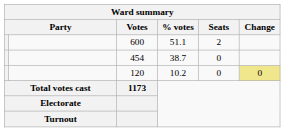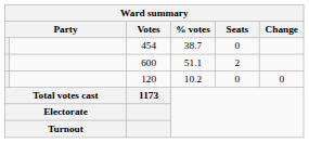 <table class="wikitable" style="font-size: 95%;">
 <tr>
 <th colspan="6">Ward summary</th>
 </tr>
 <tr>
 <th colspan="2">Party</th>
 <th style="width: 60px">Votes</th>
 <th style="width: 60px">% votes</th>
 <th style="width: 60px">Seats</th>
 <th style="width: 60px">Change</th>
 </tr>
 <tr>
 <th style="background-color: "></th>
 <td style="width: 170px"><a href='#'></a></td>
+<td align="center">454</td>
+<td align="center">38.7</td>
+<td align="center">0</td>
+<td align="center"></td>
+</tr>
+<tr>
+<th style="background-color: "></th>
+<td style="width: 170px"><a href='#'></a></td>
 <td align="center">600</td>
 <td align="center">51.1</td>
 <td align="center">2</td>
 <td align="center"></td>
 </tr>
 <tr>
 <th style="background-color: "></th>
 <td style="width: 170px"><a href='#'></a></td>
-<td align="center">454</td>
-<td align="center">38.7</td>
-<td align="center">0</td>
-<td align="center"></td>
-</tr>
-<tr>
-<th style="background-color: "></th>
-<td style="width: 170px"><a href='#'></a></td>
 <td align="center">120</td>
 <td align="center">10.2</td>
 <td align="center">0</td>
-<td align="center" style="background: khaki;">0</td>
+<td align="center">0</td>
 </tr>
 <tr style="background-color:#E9E9E9">
 <th colspan="2">Total votes cast</th>
 <th style="width: 60px">1173</th>
 </tr>
 <tr style="background-color:#E9E9E9">
 <th colspan="2">Electorate</th>
 <th style="width: 60px"></th>
 </tr>
 <tr style="background-color:#E9E9E9">
 <th colspan="2">Turnout</th>
 <th style="width: 60px"></th>
 </tr>
 </table>
